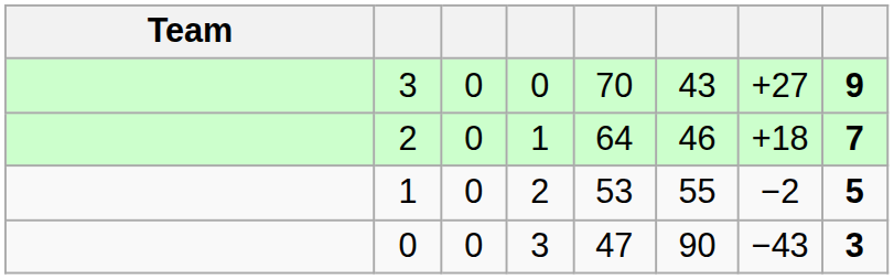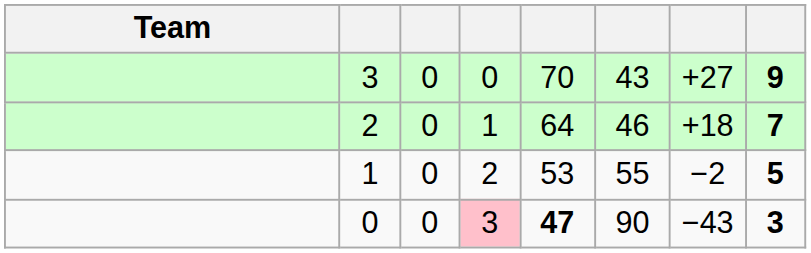 <table class="wikitable" style="text-align:center;">
 <tr>
 <th style="width:10.5em;">Team</th>
 <th style="width:1.5em;"></th>
 <th style="width:1.5em;"></th>
 <th style="width:1.5em;"></th>
 <th style="width:2.0em;"></th>
 <th style="width:2.0em;"></th>
 <th style="width:2.0em;"></th>
 <th style="width:1.5em;"></th>
 </tr>
 <tr bgcolor=#cfc>
 <td align="left"></td>
 <td>3</td>
 <td>0</td>
 <td>0</td>
 <td>70</td>
 <td>43</td>
 <td>+27</td>
 <td><strong>9</strong></td>
 </tr>
 <tr bgcolor=#cfc>
 <td align="left"></td>
 <td>2</td>
 <td>0</td>
 <td>1</td>
 <td>64</td>
 <td>46</td>
 <td>+18</td>
 <td><strong>7</strong></td>
 </tr>
 <tr>
 <td align="left"></td>
 <td>1</td>
 <td>0</td>
 <td>2</td>
 <td>53</td>
 <td>55</td>
 <td>−2</td>
 <td><strong>5</strong></td>
 </tr>
 <tr>
 <td align="left"></td>
 <td>0</td>
 <td>0</td>
-<td>3</td>
-<td>47</td>
+<td style="background: pink;">3</td>
+<td><strong>47</strong></td>
 <td>90</td>
 <td>−43</td>
 <td><strong>3</strong></td>
 </tr>
 </table>
